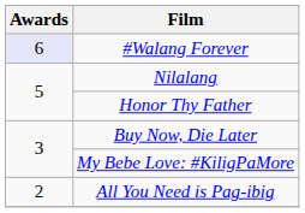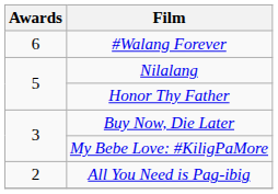 <table class="wikitable" style="text-align:center">
 <tr>
 <th scope="col">Awards</th>
 <th scope="col">Film</th>
 </tr>
 <tr>
-<td style="background: lavender;">6</td>
+<td>6</td>
 <td><em><a href='#'>#Walang Forever</a></em></td>
 </tr>
 <tr>
 <td rowspan=2>5</td>
 <td><em><a href='#'>Nilalang</a></em></td>
 </tr>
 <tr>
 <td><em><a href='#'>Honor Thy Father</a></em></td>
 </tr>
 <tr>
 <td rowspan=2>3</td>
 <td><em><a href='#'>Buy Now, Die Later</a></em></td>
 </tr>
 <tr>
 <td><em><a href='#'>My Bebe Love: #KiligPaMore</a></em></td>
 </tr>
 <tr>
 <td>2</td>
 <td><em><a href='#'>All You Need is Pag-ibig</a></em></td>
 </tr>
 <tr>
 </tr>
 </table>
